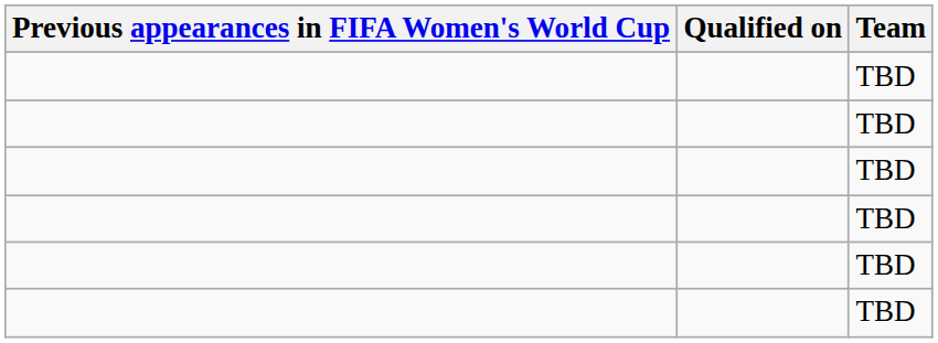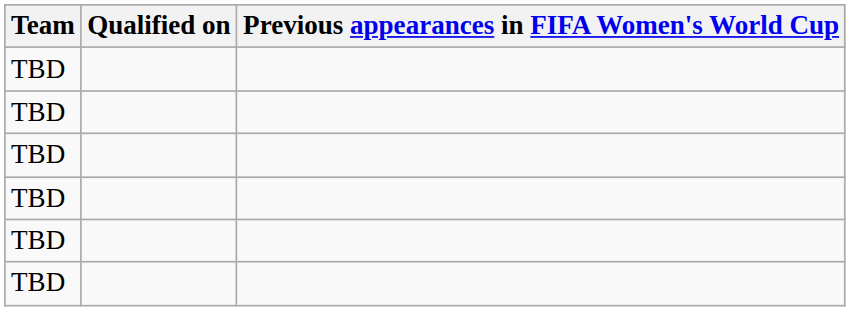 <table class="wikitable sortable">
 <tr>
+<th>Team</th>
+<th>Qualified on</th>
 <th data-sort-type="number">Previous <a href='#'>appearances</a> in <a href='#'>FIFA Women's World Cup</a></th>
-<th>Qualified on</th>
-<th>Team</th>
 </tr>
 <tr>
+<td>TBD</td>
 <td></td>
 <td></td>
-<td>TBD</td>
 </tr>
 <tr>
+<td>TBD</td>
 <td></td>
 <td></td>
-<td>TBD</td>
 </tr>
 <tr>
+<td>TBD</td>
 <td></td>
 <td></td>
-<td>TBD</td>
 </tr>
 <tr>
+<td>TBD</td>
 <td></td>
 <td></td>
-<td>TBD</td>
 </tr>
 <tr>
+<td>TBD</td>
 <td></td>
 <td></td>
-<td>TBD</td>
 </tr>
 <tr>
+<td>TBD</td>
 <td></td>
 <td></td>
-<td>TBD</td>
 </tr>
 </table>
